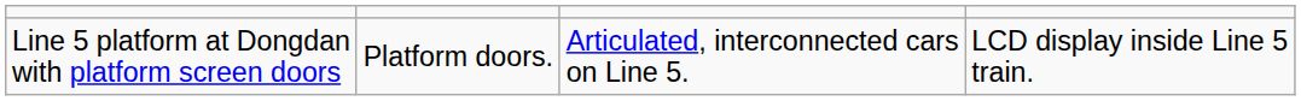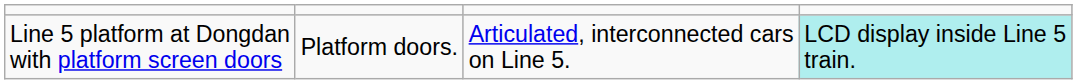 <table class="wikitable">
 <tr>
 <td></td>
 <td></td>
 <td></td>
 <td></td>
 </tr>
 <tr>
 <td>Line 5 platform at Dongdan<br>with <a href='#'>platform screen doors</a></td>
 <td>Platform doors.</td>
 <td><a href='#'>Articulated</a>, interconnected cars<br>on Line 5.</td>
-<td>LCD display inside Line 5<br>train.</td>
+<td style="background: paleturquoise;">LCD display inside Line 5<br>train.</td>
 </tr>
 </table>
